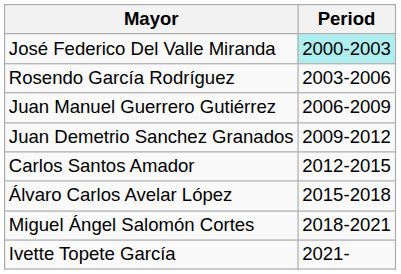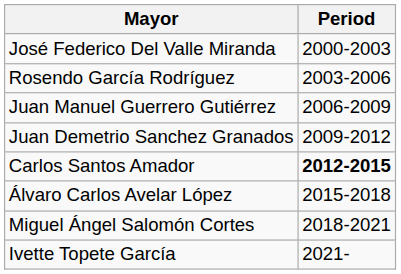 <table class="wikitable">
 <tr align=center style="background:#d8edff">
 <th>Mayor</th>
 <th>Period</th>
 </tr>
 <tr>
 <td> José Federico Del Valle Miranda</td>
-<td style="background: paleturquoise;">2000-2003</td>
+<td>2000-2003</td>
 </tr>
 <tr>
 <td> Rosendo García Rodríguez</td>
 <td>2003-2006</td>
 </tr>
 <tr>
 <td> Juan Manuel Guerrero Gutiérrez</td>
 <td>2006-2009</td>
 </tr>
 <tr>
 <td> Juan Demetrio Sanchez Granados</td>
 <td>2009-2012</td>
 </tr>
 <tr>
 <td> Carlos Santos Amador</td>
-<td>2012-2015</td>
+<td><strong>2012-2015</strong></td>
 </tr>
 <tr>
 <td> Álvaro Carlos Avelar López</td>
 <td>2015-2018</td>
 </tr>
 <tr>
 <td> Miguel Ángel Salomón Cortes</td>
 <td>2018-2021</td>
 </tr>
 <tr>
 <td> Ivette Topete García</td>
 <td>2021-</td>
 </tr>
 </table>
